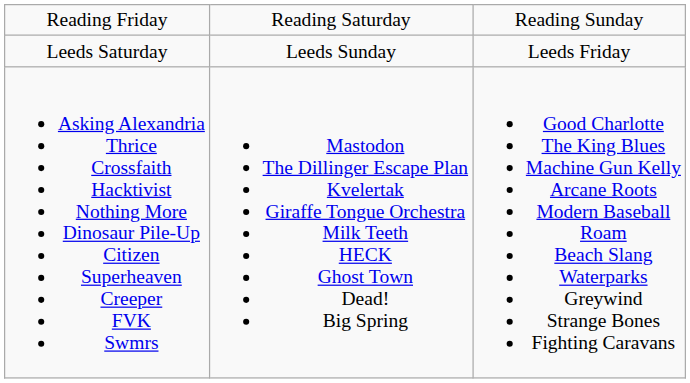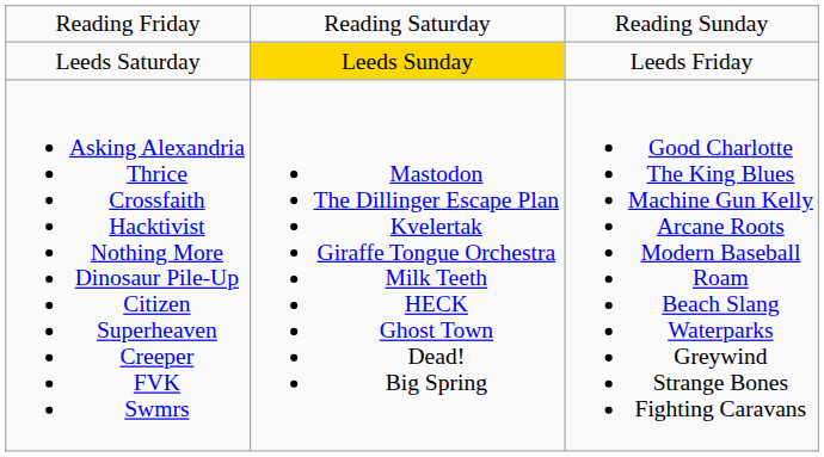 <table class="wikitable" style="text-align:center;">
 <tr>
 <td>Reading Friday</td>
 <td>Reading Saturday</td>
 <td>Reading Sunday</td>
 </tr>
 <tr>
 <td>Leeds Saturday</td>
-<td>Leeds Sunday</td>
+<td style="background: gold;">Leeds Sunday</td>
 <td>Leeds Friday</td>
 </tr>
 <tr>
 <td><br><ul><li><a href='#'>Asking Alexandria</a></li><li><a href='#'>Thrice</a></li><li><a href='#'>Crossfaith</a></li><li><a href='#'>Hacktivist</a></li><li><a href='#'>Nothing More</a></li><li><a href='#'>Dinosaur Pile-Up</a></li><li><a href='#'>Citizen</a></li><li><a href='#'>Superheaven</a></li><li><a href='#'>Creeper</a></li><li><a href='#'>FVK</a></li><li><a href='#'>Swmrs</a></li></ul></td>
 <td><br><ul><li><a href='#'>Mastodon</a></li><li><a href='#'>The Dillinger Escape Plan</a></li><li><a href='#'>Kvelertak</a></li><li><a href='#'>Giraffe Tongue Orchestra</a></li><li><a href='#'>Milk Teeth</a></li><li><a href='#'>HECK</a></li><li><a href='#'>Ghost Town</a></li><li>Dead!</li><li>Big Spring</li></ul></td>
 <td><br><ul><li><a href='#'>Good Charlotte</a></li><li><a href='#'>The King Blues</a></li><li><a href='#'>Machine Gun Kelly</a></li><li><a href='#'>Arcane Roots</a></li><li><a href='#'>Modern Baseball</a></li><li><a href='#'>Roam</a></li><li><a href='#'>Beach Slang</a></li><li><a href='#'>Waterparks</a></li><li>Greywind</li><li>Strange Bones</li><li>Fighting Caravans</li></ul></td>
 </tr>
 </table>
